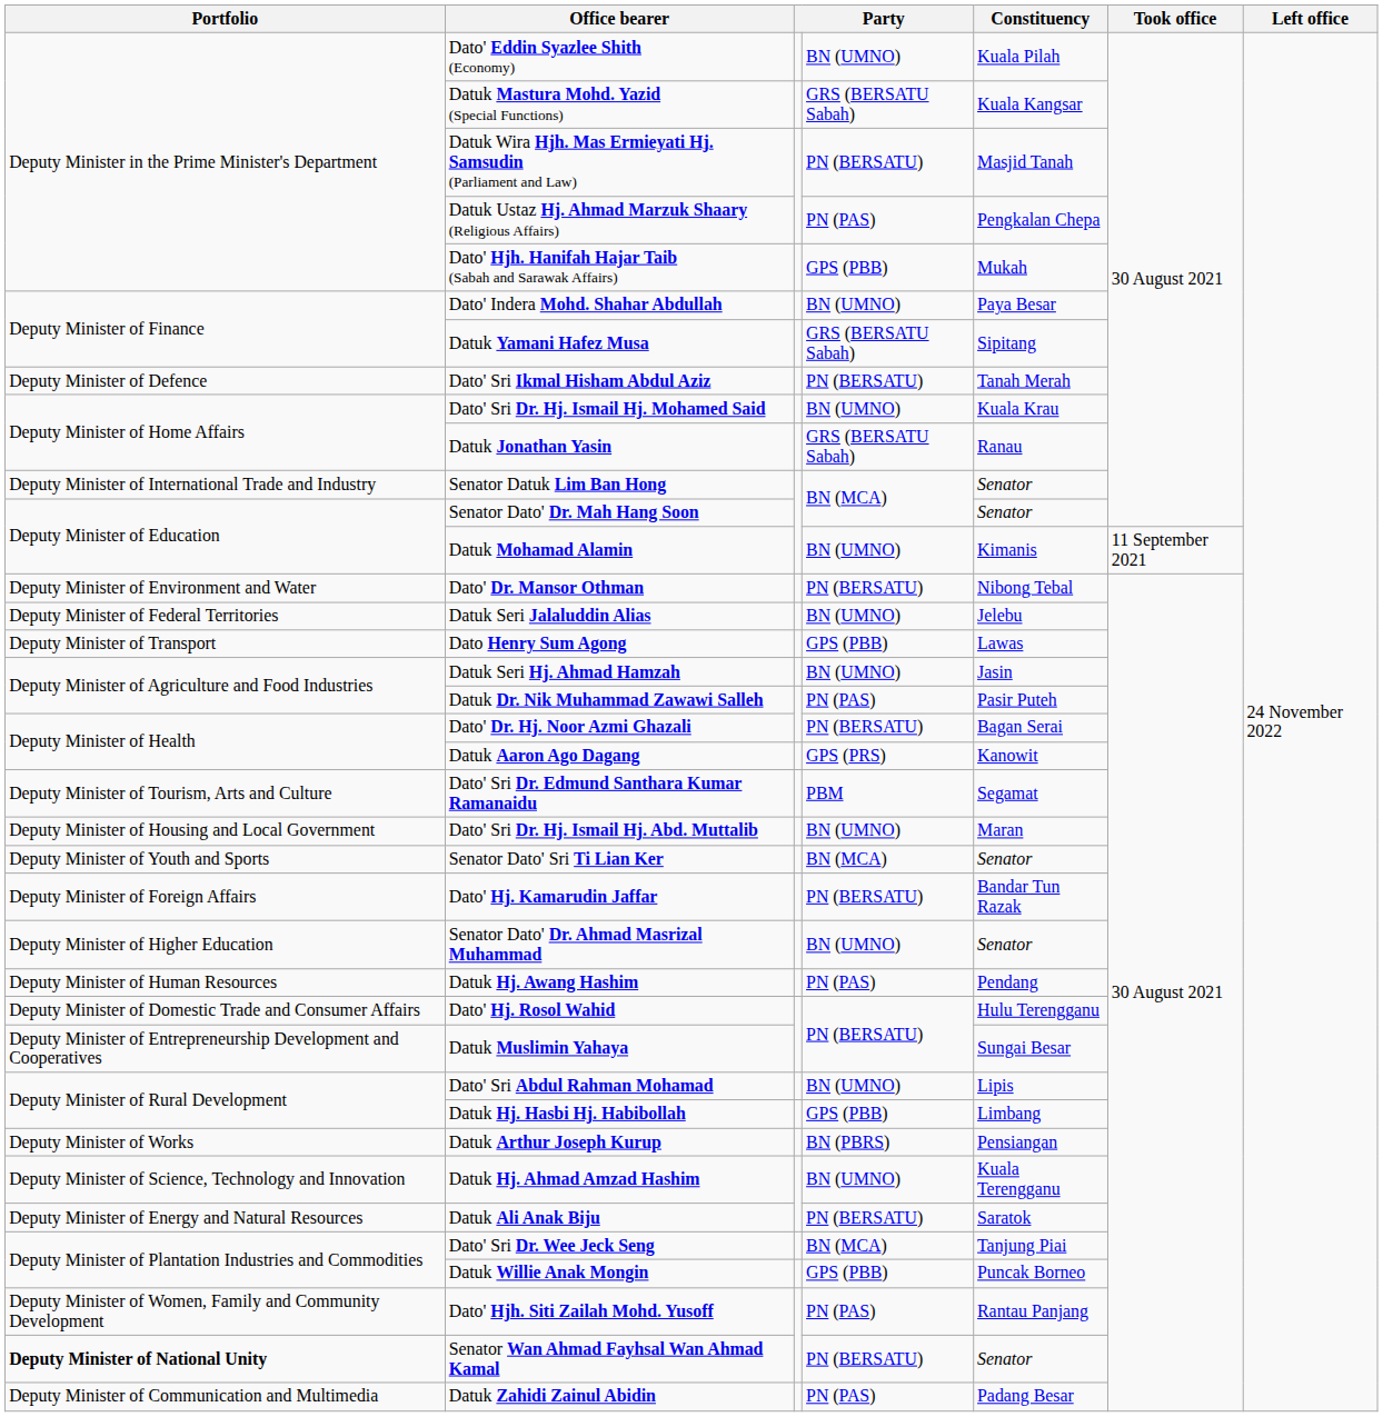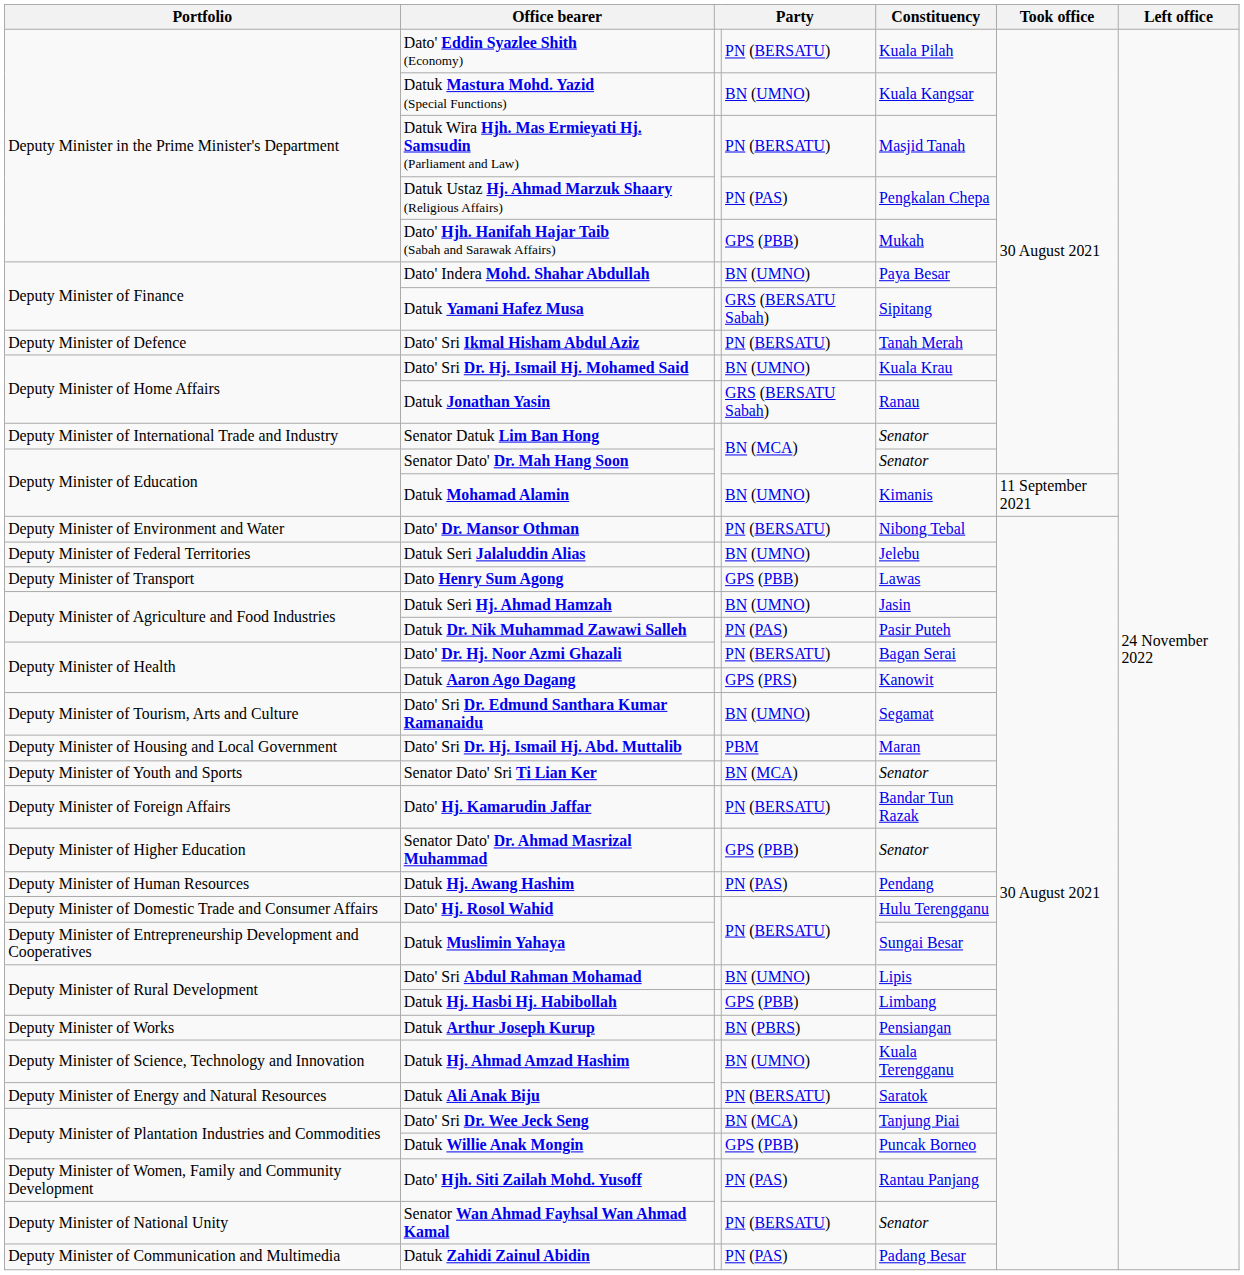 <table class="sortable wikitable">
 <tr>
 <th>Portfolio</th>
 <th>Office bearer</th>
 <th colspan="2">Party</th>
 <th>Constituency</th>
 <th>Took office</th>
 <th>Left office</th>
 </tr>
 <tr>
 <td rowspan="5">Deputy Minister in the Prime Minister's Department</td>
 <td>Dato' <strong><a href='#'>Eddin Syazlee Shith</a></strong> <br><small>(Economy)</small></td>
 <td></td>
-<td><a href='#'>BN</a> (<a href='#'>UMNO</a>)</td>
+<td><a href='#'>PN</a> (<a href='#'>BERSATU</a>)</td>
 <td><a href='#'>Kuala Pilah</a></td>
 <td rowspan="12">30 August 2021</td>
 <td rowspan="38">24 November 2022</td>
 </tr>
 <tr>
 <td>Datuk <strong><a href='#'>Mastura Mohd. Yazid</a></strong> <br><small>(Special Functions)</small></td>
 <td></td>
-<td><a href='#'>GRS</a> (<a href='#'>BERSATU Sabah</a>)</td>
+<td><a href='#'>BN</a> (<a href='#'>UMNO</a>)</td>
 <td><a href='#'>Kuala Kangsar</a></td>
 </tr>
 <tr>
 <td>Datuk Wira <strong><a href='#'>Hjh. Mas Ermieyati Hj. Samsudin</a></strong> <br><small>(Parliament and Law)</small></td>
 <td rowspan="2"></td>
 <td><a href='#'>PN</a> (<a href='#'>BERSATU</a>)</td>
 <td><a href='#'>Masjid Tanah</a></td>
 </tr>
 <tr>
 <td>Datuk Ustaz <strong><a href='#'>Hj. Ahmad Marzuk Shaary</a></strong> <br><small>(Religious Affairs)</small></td>
 <td><a href='#'>PN</a> (<a href='#'>PAS</a>)</td>
 <td><a href='#'>Pengkalan Chepa</a></td>
 </tr>
 <tr>
 <td>Dato' <strong><a href='#'>Hjh. Hanifah Hajar Taib</a></strong> <br><small>(Sabah and Sarawak Affairs)</small></td>
 <td></td>
 <td><a href='#'>GPS</a> (<a href='#'>PBB</a>)</td>
 <td><a href='#'>Mukah</a></td>
 </tr>
 <tr>
 <td rowspan="2">Deputy Minister of Finance</td>
 <td>Dato' Indera <strong><a href='#'>Mohd. Shahar Abdullah</a></strong> </td>
 <td></td>
 <td><a href='#'>BN</a> (<a href='#'>UMNO</a>)</td>
 <td><a href='#'>Paya Besar</a></td>
 </tr>
 <tr>
 <td>Datuk <strong><a href='#'>Yamani Hafez Musa</a></strong> </td>
 <td></td>
 <td><a href='#'>GRS</a> (<a href='#'>BERSATU Sabah</a>)</td>
 <td><a href='#'>Sipitang</a></td>
 </tr>
 <tr>
 <td>Deputy Minister of Defence</td>
 <td>Dato' Sri <strong><a href='#'>Ikmal Hisham Abdul Aziz</a></strong> </td>
 <td></td>
 <td><a href='#'>PN</a> (<a href='#'>BERSATU</a>)</td>
 <td><a href='#'>Tanah Merah</a></td>
 </tr>
 <tr>
 <td rowspan="2">Deputy Minister of Home Affairs</td>
 <td>Dato' Sri <strong><a href='#'>Dr. Hj. Ismail Hj. Mohamed Said</a></strong> </td>
 <td></td>
 <td><a href='#'>BN</a> (<a href='#'>UMNO</a>)</td>
 <td><a href='#'>Kuala Krau</a></td>
 </tr>
 <tr>
 <td>Datuk <strong><a href='#'>Jonathan Yasin</a></strong> </td>
 <td></td>
 <td><a href='#'>GRS</a> (<a href='#'>BERSATU Sabah</a>)</td>
 <td><a href='#'>Ranau</a></td>
 </tr>
 <tr>
 <td>Deputy Minister of International Trade and Industry</td>
 <td>Senator Datuk <strong><a href='#'>Lim Ban Hong</a></strong></td>
 <td rowspan="3"></td>
 <td rowspan="2"><a href='#'>BN</a> (<a href='#'>MCA</a>)</td>
 <td><em>Senator</em></td>
 </tr>
 <tr>
 <td rowspan="2">Deputy Minister of Education</td>
 <td>Senator Dato' <strong><a href='#'>Dr. Mah Hang Soon</a></strong></td>
 <td><em>Senator</em></td>
 </tr>
 <tr>
 <td>Datuk <strong><a href='#'>Mohamad Alamin</a></strong> </td>
 <td><a href='#'>BN</a> (<a href='#'>UMNO</a>)</td>
 <td><a href='#'>Kimanis</a></td>
 <td>11 September 2021</td>
 </tr>
 <tr>
 <td>Deputy Minister of Environment and Water</td>
 <td>Dato' <strong><a href='#'>Dr. Mansor Othman</a></strong> </td>
 <td></td>
 <td><a href='#'>PN</a> (<a href='#'>BERSATU</a>)</td>
 <td><a href='#'>Nibong Tebal</a></td>
 <td rowspan="25">30 August 2021</td>
 </tr>
 <tr>
 <td>Deputy Minister of Federal Territories</td>
 <td>Datuk Seri <strong><a href='#'>Jalaluddin Alias</a></strong> </td>
 <td></td>
 <td><a href='#'>BN</a> (<a href='#'>UMNO</a>)</td>
 <td><a href='#'>Jelebu</a></td>
 </tr>
 <tr>
 <td>Deputy Minister of Transport</td>
 <td>Dato <strong><a href='#'>Henry Sum Agong</a></strong> </td>
 <td></td>
 <td><a href='#'>GPS</a> (<a href='#'>PBB</a>)</td>
 <td><a href='#'>Lawas</a></td>
 </tr>
 <tr>
 <td rowspan="2">Deputy Minister of Agriculture and Food Industries</td>
 <td>Datuk Seri <strong><a href='#'>Hj. Ahmad Hamzah</a></strong> </td>
 <td></td>
 <td><a href='#'>BN</a> (<a href='#'>UMNO</a>)</td>
 <td><a href='#'>Jasin</a></td>
 </tr>
 <tr>
 <td>Datuk <strong><a href='#'>Dr. Nik Muhammad Zawawi Salleh</a></strong> </td>
 <td rowspan="2"></td>
 <td><a href='#'>PN</a> (<a href='#'>PAS</a>)</td>
 <td><a href='#'>Pasir Puteh</a></td>
 </tr>
 <tr>
 <td rowspan="2">Deputy Minister of Health</td>
 <td>Dato' <strong><a href='#'>Dr. Hj. Noor Azmi Ghazali</a></strong> </td>
 <td><a href='#'>PN</a> (<a href='#'>BERSATU</a>)</td>
 <td><a href='#'>Bagan Serai</a></td>
 </tr>
 <tr>
 <td>Datuk <strong><a href='#'>Aaron Ago Dagang</a></strong> </td>
 <td></td>
 <td><a href='#'>GPS</a> (<a href='#'>PRS</a>)</td>
 <td><a href='#'>Kanowit</a></td>
 </tr>
 <tr>
 <td>Deputy Minister of Tourism, Arts and Culture</td>
 <td>Dato' Sri <strong><a href='#'>Dr. Edmund Santhara Kumar Ramanaidu</a></strong> </td>
 <td></td>
-<td><a href='#'>PBM</a></td>
+<td><a href='#'>BN</a> (<a href='#'>UMNO</a>)</td>
 <td><a href='#'>Segamat</a></td>
 </tr>
 <tr>
 <td>Deputy Minister of Housing and Local Government</td>
 <td>Dato' Sri <strong><a href='#'>Dr. Hj. Ismail Hj. Abd. Muttalib</a></strong> </td>
 <td></td>
-<td><a href='#'>BN</a> (<a href='#'>UMNO</a>)</td>
+<td><a href='#'>PBM</a></td>
 <td><a href='#'>Maran</a></td>
 </tr>
 <tr>
 <td>Deputy Minister of Youth and Sports</td>
 <td>Senator Dato' Sri <strong><a href='#'>Ti Lian Ker</a></strong></td>
 <td></td>
 <td><a href='#'>BN</a> (<a href='#'>MCA</a>)</td>
 <td><em>Senator</em></td>
 </tr>
 <tr>
 <td>Deputy Minister of Foreign Affairs</td>
 <td>Dato' <strong><a href='#'>Hj. Kamarudin Jaffar</a></strong> </td>
 <td></td>
 <td><a href='#'>PN</a> (<a href='#'>BERSATU</a>)</td>
 <td><a href='#'>Bandar Tun Razak</a></td>
 </tr>
 <tr>
 <td>Deputy Minister of Higher Education</td>
 <td>Senator Dato' <strong><a href='#'>Dr. Ahmad Masrizal Muhammad</a></strong></td>
 <td></td>
-<td><a href='#'>BN</a> (<a href='#'>UMNO</a>)</td>
+<td><a href='#'>GPS</a> (<a href='#'>PBB</a>)</td>
 <td><em>Senator</em></td>
 </tr>
 <tr>
 <td>Deputy Minister of Human Resources</td>
 <td>Datuk <strong><a href='#'>Hj. Awang Hashim</a></strong> </td>
 <td></td>
 <td><a href='#'>PN</a> (<a href='#'>PAS</a>)</td>
 <td><a href='#'>Pendang</a></td>
 </tr>
 <tr>
 <td>Deputy Minister of Domestic Trade and Consumer Affairs</td>
 <td>Dato' <strong><a href='#'>Hj. Rosol Wahid</a></strong> </td>
 <td rowspan="2"></td>
 <td rowspan="2"><a href='#'>PN</a> (<a href='#'>BERSATU</a>)</td>
 <td><a href='#'>Hulu Terengganu</a></td>
 </tr>
 <tr>
 <td>Deputy Minister of Entrepreneurship Development and Cooperatives</td>
 <td>Datuk <strong><a href='#'>Muslimin Yahaya</a></strong> </td>
 <td><a href='#'>Sungai Besar</a></td>
 </tr>
 <tr>
 <td rowspan="2">Deputy Minister of Rural Development</td>
 <td>Dato' Sri <strong><a href='#'>Abdul Rahman Mohamad</a></strong> </td>
 <td></td>
 <td><a href='#'>BN</a> (<a href='#'>UMNO</a>)</td>
 <td><a href='#'>Lipis</a></td>
 </tr>
 <tr>
 <td>Datuk <strong><a href='#'>Hj. Hasbi Hj. Habibollah</a></strong> </td>
 <td></td>
 <td><a href='#'>GPS</a> (<a href='#'>PBB</a>)</td>
 <td><a href='#'>Limbang</a></td>
 </tr>
 <tr>
 <td>Deputy Minister of Works</td>
 <td>Datuk <strong><a href='#'>Arthur Joseph Kurup</a></strong> </td>
 <td></td>
 <td><a href='#'>BN</a> (<a href='#'>PBRS</a>)</td>
 <td><a href='#'>Pensiangan</a></td>
 </tr>
 <tr>
 <td>Deputy Minister of Science, Technology and Innovation</td>
 <td>Datuk <strong><a href='#'>Hj. Ahmad Amzad Hashim</a></strong> </td>
 <td rowspan="2"></td>
 <td><a href='#'>BN</a> (<a href='#'>UMNO</a>)</td>
 <td><a href='#'>Kuala Terengganu</a></td>
 </tr>
 <tr>
 <td>Deputy Minister of Energy and Natural Resources</td>
 <td>Datuk <strong><a href='#'>Ali Anak Biju</a></strong> </td>
 <td><a href='#'>PN</a> (<a href='#'>BERSATU</a>)</td>
 <td><a href='#'>Saratok</a></td>
 </tr>
 <tr>
 <td rowspan="2">Deputy Minister of Plantation Industries and Commodities</td>
 <td>Dato' Sri <strong><a href='#'>Dr. Wee Jeck Seng</a></strong> </td>
 <td></td>
 <td><a href='#'>BN</a> (<a href='#'>MCA</a>)</td>
 <td><a href='#'>Tanjung Piai</a></td>
 </tr>
 <tr>
 <td>Datuk <strong><a href='#'>Willie Anak Mongin</a></strong> </td>
 <td></td>
 <td><a href='#'>GPS</a> (<a href='#'>PBB</a>)</td>
 <td><a href='#'>Puncak Borneo</a></td>
 </tr>
 <tr>
 <td>Deputy Minister of Women, Family and Community Development</td>
 <td>Dato' <strong><a href='#'>Hjh. Siti Zailah Mohd. Yusoff</a></strong> </td>
 <td rowspan="2"></td>
 <td><a href='#'>PN</a> (<a href='#'>PAS</a>)</td>
 <td><a href='#'>Rantau Panjang</a></td>
 </tr>
 <tr>
-<td><strong>Deputy Minister of National Unity</strong></td>
+<td>Deputy Minister of National Unity</td>
 <td>Senator <strong><a href='#'>Wan Ahmad Fayhsal Wan Ahmad Kamal</a></strong></td>
 <td><a href='#'>PN</a> (<a href='#'>BERSATU</a>)</td>
 <td><em>Senator</em></td>
 </tr>
 <tr>
 <td>Deputy Minister of Communication and Multimedia</td>
 <td>Datuk <strong><a href='#'>Zahidi Zainul Abidin</a></strong> </td>
 <td></td>
 <td><a href='#'>PN</a> (<a href='#'>PAS</a>)</td>
 <td><a href='#'>Padang Besar</a></td>
 </tr>
 </table>
